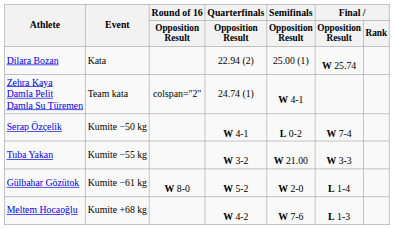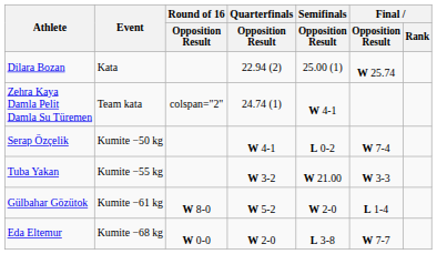 <table class=wikitable style=font-size:90%;text-align:center>
 <tr>
 <th rowspan=2>Athlete</th>
 <th rowspan=2>Event</th>
 <th>Round of 16</th>
 <th>Quarterfinals</th>
 <th>Semifinals</th>
 <th colspan=2>Final / </th>
 </tr>
 <tr style=font-size:95%>
 <th>Opposition<br>Result</th>
 <th>Opposition<br>Result</th>
 <th>Opposition<br>Result</th>
 <th>Opposition<br>Result</th>
 <th>Rank</th>
 </tr>
 <tr>
 <td align=left><a href='#'>Dilara Bozan</a></td>
 <td align=left>Kata</td>
 <td></td>
 <td>22.94 (2)</td>
 <td>25.00 (1)</td>
 <td><br><strong>W</strong> 25.74</td>
 <td></td>
 </tr>
 <tr>
 <td align=left><a href='#'>Zehra Kaya</a><br><a href='#'>Damla Pelit</a><br><a href='#'>Damla Su Türemen</a></td>
 <td align=left>Team kata</td>
 <td>colspan="2"</td>
 <td>24.74 (1)</td>
 <td><br><strong>W</strong> 4-1</td>
 <td></td>
 </tr>
 <tr>
 <td align=left><a href='#'>Serap Özçelik</a></td>
 <td align=left>Kumite −50 kg</td>
 <td></td>
 <td><br><strong>W</strong> 4-1</td>
 <td><br><strong>L</strong> 0-2</td>
 <td><br><strong>W</strong> 7-4</td>
 <td></td>
 </tr>
 <tr>
 <td align=left><a href='#'>Tuba Yakan</a></td>
 <td align=left>Kumite −55 kg</td>
 <td></td>
 <td><br><strong>W</strong> 3-2</td>
 <td><br><strong>W</strong> 21.00</td>
 <td><br><strong>W</strong> 3-3</td>
 <td></td>
 </tr>
 <tr>
 <td align=left><a href='#'>Gülbahar Gözütok</a></td>
 <td align=left>Kumite −61 kg</td>
 <td><br><strong>W</strong> 8-0</td>
 <td><br><strong>W</strong> 5-2</td>
 <td><br><strong>W</strong> 2-0</td>
 <td><br><strong>L</strong> 1-4</td>
 <td></td>
 </tr>
 <tr>
-<td align=left><a href='#'>Meltem Hocaoğlu</a></td>
-<td align=left>Kumite +68 kg</td>
-<td></td>
-<td><br><strong>W</strong> 4-2</td>
-<td><br><strong>W</strong> 7-6</td>
-<td><br><strong>L</strong> 1-3</td>
+<td align=left><a href='#'>Eda Eltemur</a></td>
+<td align=left>Kumite −68 kg</td>
+<td><br><strong>W</strong> 0-0</td>
+<td><br><strong>W</strong> 2-0</td>
+<td><br><strong>L</strong> 3-8</td>
+<td><br><strong>W</strong> 7-7</td>
 <td></td>
 </tr>
 </table>
